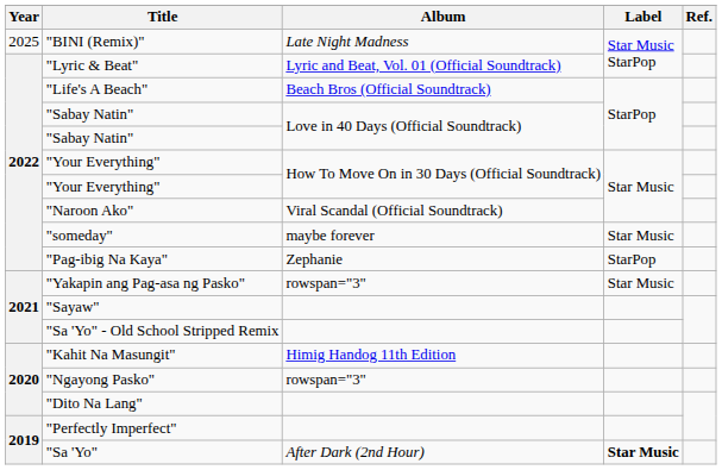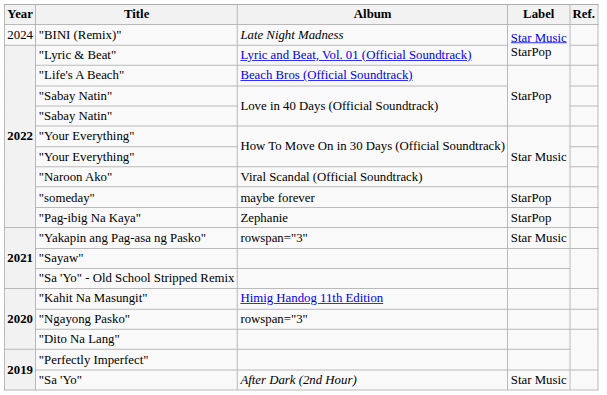 <table class="wikitable">
 <tr>
 </tr>
 <tr>
 <th>Year</th>
 <th>Title</th>
 <th>Album</th>
 <th>Label</th>
 <th>Ref.</th>
 </tr>
 <tr>
-<td>2025</td>
+<td>2024</td>
 <td>"BINI (Remix)" </td>
 <td><em>Late Night Madness</em></td>
 <td rowspan=2><a href='#'>Star Music</a><br>StarPop</td>
 <td></td>
 </tr>
 <tr>
 <th rowspan="9">2022</th>
 <td>"Lyric & Beat" </td>
 <td><a href='#'>Lyric and Beat, Vol. 01 (Official Soundtrack)</a></td>
 <td></td>
 </tr>
 <tr>
 <td>"Life's A Beach" </td>
 <td><a href='#'>Beach Bros (Official Soundtrack)</a></td>
 <td rowspan="3">StarPop</td>
 <td></td>
 </tr>
 <tr>
 <td>"Sabay Natin" </td>
 <td rowspan="2">Love in 40 Days (Official Soundtrack)</td>
 <td></td>
 </tr>
 <tr>
 <td>"Sabay Natin"</td>
 <td></td>
 </tr>
 <tr>
 <td>"Your Everything" </td>
 <td rowspan="2">How To Move On in 30 Days (Official Soundtrack)</td>
 <td rowspan="3">Star Music</td>
 <td></td>
 </tr>
 <tr>
 <td>"Your Everything"</td>
 <td></td>
 </tr>
 <tr>
 <td>"Naroon Ako"</td>
 <td>Viral Scandal (Official Soundtrack)</td>
 <td></td>
 </tr>
 <tr>
 <td>"someday"</td>
 <td>maybe forever</td>
-<td>Star Music</td>
+<td>StarPop</td>
 <td></td>
 </tr>
 <tr>
 <td>"Pag-ibig Na Kaya" </td>
 <td>Zephanie</td>
 <td>StarPop</td>
 <td></td>
 </tr>
 <tr>
 <th rowspan="3">2021</th>
 <td>"Yakapin ang Pag-asa ng Pasko" </td>
 <td>rowspan="3" </td>
 <td>Star Music</td>
 <td></td>
 </tr>
 <tr>
 <td>"Sayaw" </td>
 <td></td>
 <td></td>
 </tr>
 <tr>
 <td>"Sa 'Yo" - Old School Stripped Remix</td>
 <td></td>
 <td></td>
 </tr>
 <tr>
 <th rowspan="3">2020</th>
 <td>"Kahit Na Masungit" </td>
 <td><a href='#'>Himig Handog 11th Edition</a></td>
 <td></td>
 <td></td>
 </tr>
 <tr>
 <td>"Ngayong Pasko"</td>
 <td>rowspan="3" </td>
 <td></td>
 <td></td>
 </tr>
 <tr>
 <td>"Dito Na Lang"</td>
 <td></td>
 <td></td>
 </tr>
 <tr>
 <th rowspan="2">2019</th>
 <td>"Perfectly Imperfect" </td>
 <td></td>
 <td></td>
 </tr>
 <tr>
 <td>"Sa 'Yo" </td>
 <td><em>After Dark (2nd Hour)</em></td>
-<td><strong>Star Music</strong></td>
+<td>Star Music</td>
 <td></td>
 </tr>
 </table>
